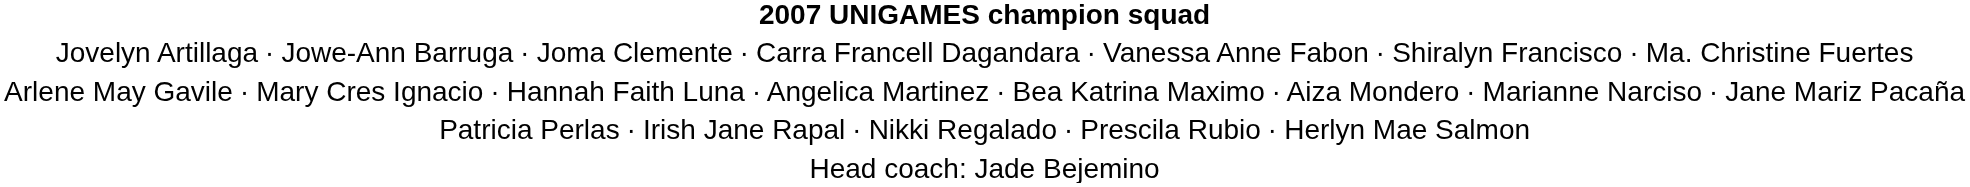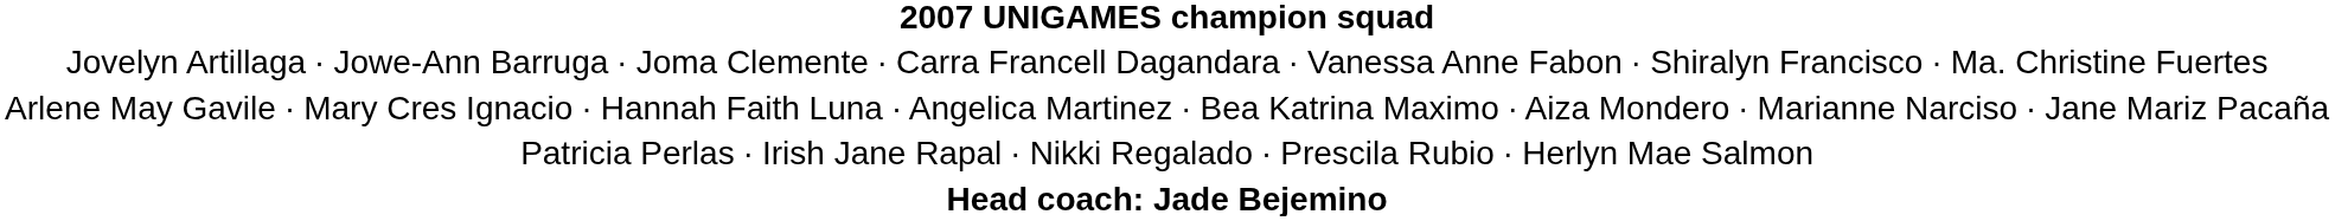 <table class=toccolours style=margin:0.2em width=100%>
 <tr>
 <th style=>2007 UNIGAMES champion squad</th>
 </tr>
 <tr align=center>
 <td>Jovelyn Artillaga ∙ Jowe-Ann Barruga ∙ Joma Clemente ∙ Carra Francell Dagandara ∙ Vanessa Anne Fabon ∙ Shiralyn Francisco ∙ Ma. Christine Fuertes</td>
 </tr>
 <tr align=center>
 <td>Arlene May Gavile ∙ Mary Cres Ignacio ∙ Hannah Faith Luna ∙ Angelica Martinez ∙ Bea Katrina Maximo ∙ Aiza Mondero ∙ Marianne Narciso ∙ Jane Mariz Pacaña</td>
 </tr>
 <tr align=center>
 <td>Patricia Perlas ∙ Irish Jane Rapal ∙ Nikki Regalado ∙ Prescila Rubio ∙ Herlyn Mae Salmon</td>
 </tr>
 <tr align=center>
-<td>Head coach: Jade Bejemino</td>
+<td><strong>Head coach: Jade Bejemino</strong></td>
 </tr>
 </table>
